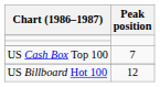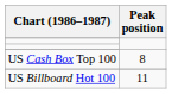 <table class="wikitable sortable">
 <tr>
 <th>Chart (1986–1987)</th>
 <th>Peak<br>position</th>
 </tr>
 <tr>
 </tr>
 <tr>
 </tr>
 <tr>
 <td></td>
 </tr>
 <tr>
 <td></td>
 </tr>
 <tr>
 </tr>
 <tr>
 <td>US <em><a href='#'>Cash Box</a></em> Top 100</td>
-<td align="center">7</td>
+<td align="center">8</td>
 </tr>
 <tr>
 </tr>
 <tr>
 </tr>
 <tr>
 <td>US <em>Billboard</em> <a href='#'>Hot 100</a></td>
-<td align="center">12</td>
+<td align="center">11</td>
 </tr>
 </table>
